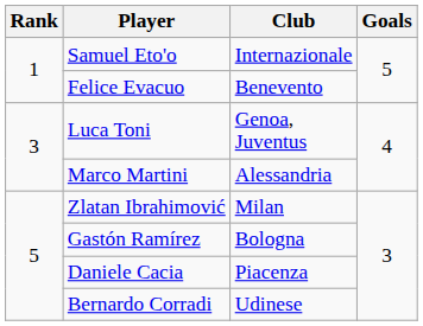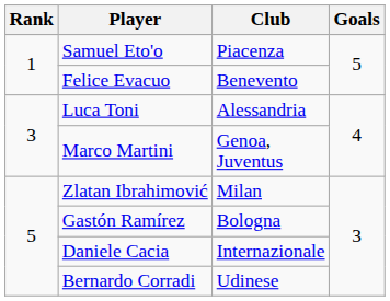 <table class="wikitable sortable" style="text-align:center">
 <tr>
 <th>Rank</th>
 <th>Player</th>
 <th>Club</th>
 <th>Goals</th>
 </tr>
 <tr>
 <td rowspan="2">1</td>
 <td align="left"> <a href='#'>Samuel Eto'o</a></td>
-<td align="left"><a href='#'>Internazionale</a></td>
+<td align="left"><a href='#'>Piacenza</a></td>
 <td rowspan="2">5</td>
 </tr>
 <tr>
 <td align="left"> <a href='#'>Felice Evacuo</a></td>
 <td align="left"><a href='#'>Benevento</a></td>
 </tr>
 <tr>
 <td rowspan="2">3</td>
 <td align="left"> <a href='#'>Luca Toni</a></td>
-<td align="left"><a href='#'>Genoa</a>,<br><a href='#'>Juventus</a></td>
+<td align="left"><a href='#'>Alessandria</a></td>
 <td rowspan="2">4</td>
 </tr>
 <tr>
 <td align="left"> <a href='#'>Marco Martini</a></td>
-<td align="left"><a href='#'>Alessandria</a></td>
+<td align="left"><a href='#'>Genoa</a>,<br><a href='#'>Juventus</a></td>
 </tr>
 <tr>
 <td rowspan="4">5</td>
 <td align="left"> <a href='#'>Zlatan Ibrahimović</a></td>
 <td align="left"><a href='#'>Milan</a></td>
 <td rowspan="4">3</td>
 </tr>
 <tr>
 <td align="left"> <a href='#'>Gastón Ramírez</a></td>
 <td align="left"><a href='#'>Bologna</a></td>
 </tr>
 <tr>
 <td align="left"> <a href='#'>Daniele Cacia</a></td>
-<td align="left"><a href='#'>Piacenza</a></td>
+<td align="left"><a href='#'>Internazionale</a></td>
 </tr>
 <tr>
 <td align="left"> <a href='#'>Bernardo Corradi</a></td>
 <td align="left"><a href='#'>Udinese</a></td>
 </tr>
 </table>
